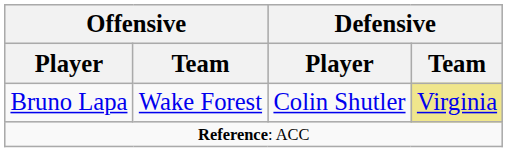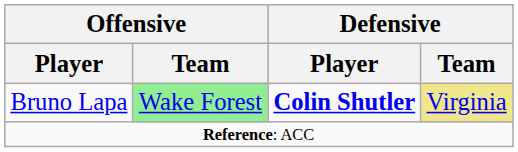 <table class="wikitable">
 <tr>
 <th colspan="2">Offensive</th>
 <th colspan="2">Defensive</th>
 </tr>
 <tr>
 <th>Player</th>
 <th>Team</th>
 <th>Player</th>
 <th>Team</th>
 </tr>
 <tr>
 <td><a href='#'>Bruno Lapa</a></td>
-<td><a href='#'>Wake Forest</a></td>
-<td><a href='#'>Colin Shutler</a></td>
+<td style="background: lightgreen;"><a href='#'>Wake Forest</a></td>
+<td><strong><a href='#'>Colin Shutler</a></strong></td>
 <td style="background: khaki;"><a href='#'>Virginia</a></td>
 </tr>
 <tr>
 <td colspan="12"  style="font-size:8pt; text-align:center;"><strong>Reference</strong>: ACC</td>
 </tr>
 </table>
